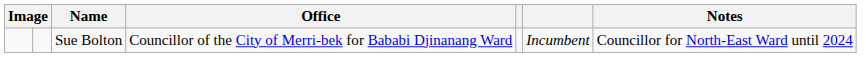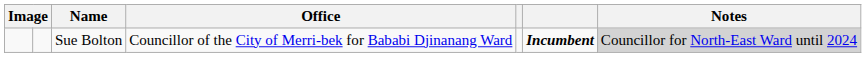 <table class="wikitable" style="text-align:center" "width:100%">
 <tr>
 <th colspan=2>Image</th>
 <th>Name</th>
 <th>Office</th>
 <th></th>
 <th></th>
 <th>Notes</th>
 </tr>
 <tr>
 <td> </td>
 <td></td>
 <td>Sue Bolton</td>
 <td>Councillor of the <a href='#'>City of Merri-bek</a> for <a href='#'>Bababi Djinanang Ward</a></td>
 <td></td>
-<td><em>Incumbent</em></td>
-<td>Councillor for <a href='#'>North-East Ward</a> until <a href='#'>2024</a></td>
+<td><strong><em>Incumbent</em></strong></td>
+<td style="background: lightgrey;">Councillor for <a href='#'>North-East Ward</a> until <a href='#'>2024</a></td>
 </tr>
 </table>
